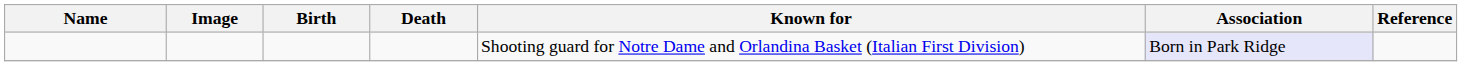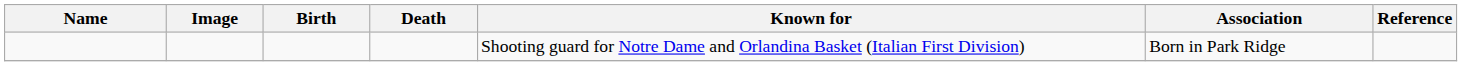 <table class="wikitable sortable">
 <tr>
 <th scope="col" width="140">Name</th>
 <th scope="col" width="80" class="unsortable">Image</th>
 <th scope="col" width="90">Birth</th>
 <th scope="col" width="90">Death</th>
 <th scope="col" width="600" class="unsortable">Known for</th>
 <th scope="col" width="200" class="unsortable">Association</th>
 <th scope="col" width="30" class="unsortable">Reference</th>
 </tr>
 <tr>
 <td></td>
 <td></td>
 <td align=right></td>
 <td></td>
 <td>Shooting guard for <a href='#'>Notre Dame</a> and <a href='#'>Orlandina Basket</a> (<a href='#'>Italian First Division</a>)</td>
-<td style="background: lavender;">Born in Park Ridge</td>
+<td>Born in Park Ridge</td>
 <td align="center"></td>
 </tr>
 <tr>
 </tr>
 </table>
